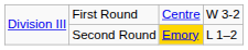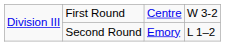 <table class="wikitable">
 <tr>
 <td rowspan="3"><a href='#'>Division III</a></td>
 <td>First Round</td>
 <td><a href='#'>Centre</a></td>
 <td>W 3-2</td>
 </tr>
 <tr>
 <td>Second Round</td>
-<td style="background: gold;"><a href='#'>Emory</a></td>
+<td><a href='#'>Emory</a></td>
 <td>L 1–2</td>
 </tr>
 </table>
